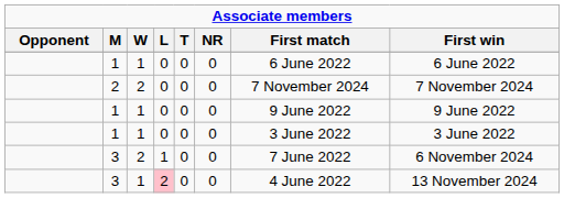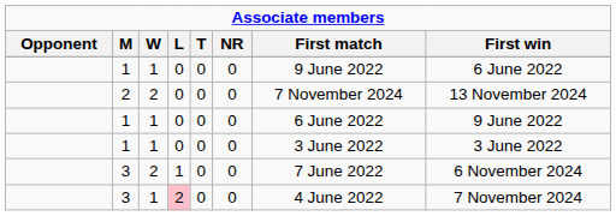 <table class="wikitable" style="text-align: center; width: 600px">
 <tr>
 <td colspan="30" style="text-align: center;"><strong><a href='#'>Associate members</a></strong></td>
 </tr>
 <tr>
 <th>Opponent</th>
 <th>M</th>
 <th>W</th>
 <th>L</th>
 <th>T</th>
 <th>NR</th>
 <th>First match</th>
 <th>First win</th>
 </tr>
 <tr>
 </tr>
 <tr>
 <td></td>
 <td>1</td>
 <td>1</td>
 <td>0</td>
 <td>0</td>
 <td>0</td>
-<td>6 June 2022</td>
+<td>9 June 2022</td>
 <td>6 June 2022</td>
 </tr>
 <tr>
 <td></td>
 <td>2</td>
 <td>2</td>
 <td>0</td>
 <td>0</td>
 <td>0</td>
 <td>7 November 2024</td>
-<td>7 November 2024</td>
+<td>13 November 2024</td>
 </tr>
 <tr>
 <td></td>
 <td>1</td>
 <td>1</td>
 <td>0</td>
 <td>0</td>
 <td>0</td>
-<td>9 June 2022</td>
+<td>6 June 2022</td>
 <td>9 June 2022</td>
 </tr>
 <tr>
 <td></td>
 <td>1</td>
 <td>1</td>
 <td>0</td>
 <td>0</td>
 <td>0</td>
 <td>3 June 2022</td>
 <td>3 June 2022</td>
 </tr>
 <tr>
 <td></td>
 <td>3</td>
 <td>2</td>
 <td>1</td>
 <td>0</td>
 <td>0</td>
 <td>7 June 2022</td>
 <td>6 November 2024</td>
 </tr>
 <tr>
 <td></td>
 <td>3</td>
 <td>1</td>
 <td style="background: pink;">2</td>
 <td>0</td>
 <td>0</td>
 <td>4 June 2022</td>
-<td>13 November 2024</td>
+<td>7 November 2024</td>
 </tr>
 </table>
